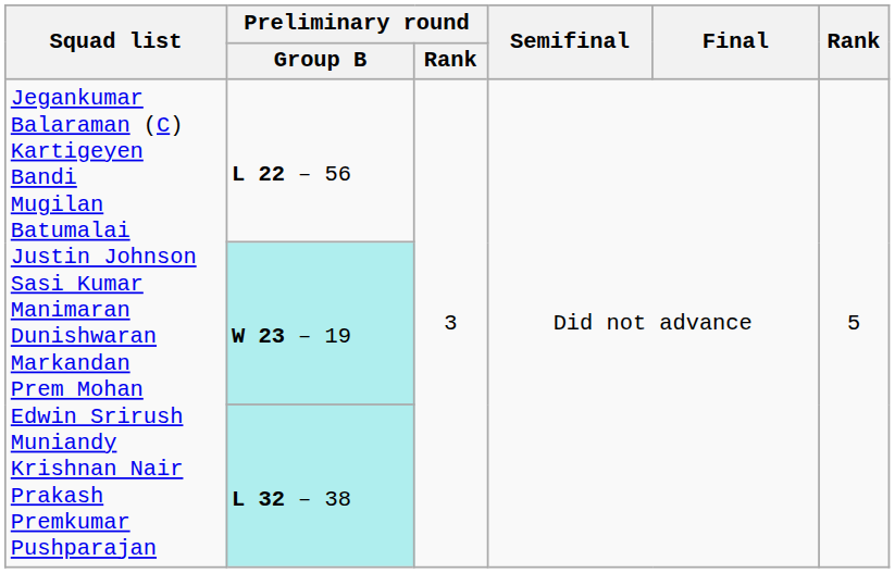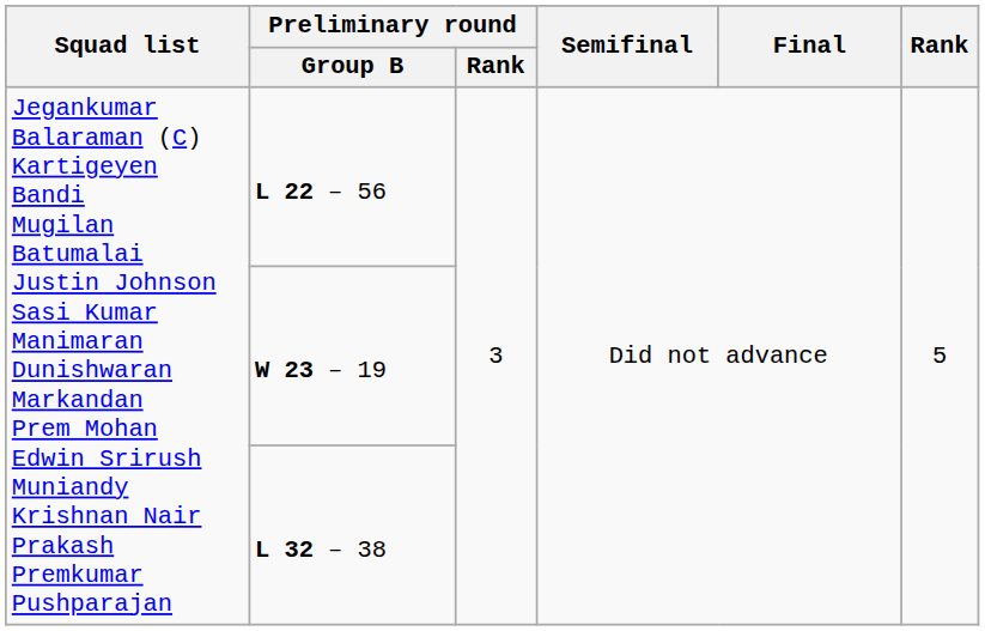 <table class="wikitable" width="75%" style="text-align:center; font-size:90%">
 <tr>
 <th rowspan=2 width="20%">Squad list</th>
 <th colspan=2 width="20%">Preliminary round</th>
 <th rowspan=2 width="15%">Semifinal</th>
 <th rowspan=2 width="15%">Final</th>
 <th rowspan=2 width="3%">Rank</th>
 </tr>
 <tr>
 <th width="17%">Group B</th>
 <th width="3%">Rank</th>
 </tr>
 <tr>
 <td rowspan="3" align="left"><a href='#'>Jegankumar Balaraman</a> (<a href='#'>C</a>)<br><a href='#'>Kartigeyen Bandi</a><br><a href='#'>Mugilan Batumalai</a><br><a href='#'>Justin Johnson</a><br><a href='#'>Sasi Kumar Manimaran</a><br><a href='#'>Dunishwaran Markandan</a><br><a href='#'>Prem Mohan</a><br><a href='#'>Edwin Srirush Muniandy</a><br><a href='#'>Krishnan Nair Prakash</a><br><a href='#'>Premkumar Pushparajan</a></td>
 <td align="left"><br><strong>L 22</strong> – 56</td>
 <td rowspan=3>3</td>
 <td rowspan=3 colspan=2>Did not advance</td>
 <td rowspan=3>5</td>
 </tr>
 <tr>
-<td align="left" style="background: paleturquoise;"><br><strong>W 23</strong> – 19</td>
+<td align="left"><br><strong>W 23</strong> – 19</td>
 </tr>
 <tr>
-<td align="left" style="background: paleturquoise;"><br><strong>L 32</strong> – 38</td>
+<td align="left"><br><strong>L 32</strong> – 38</td>
 </tr>
 </table>
